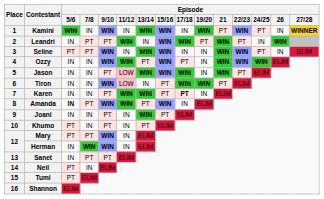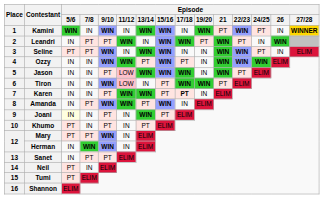 <table class="wikitable" style="text-align: center; font-size: 8pt">
 <tr>
 <th rowspan="2">Place</th>
 <th rowspan="2">Contestant</th>
 <th colspan="13">Episode</th>
 </tr>
 <tr>
 <th>5/6</th>
 <th>7/8</th>
 <th>9/10</th>
 <th>11/12</th>
 <th>13/14</th>
 <th>15/16</th>
 <th>17/18</th>
 <th>19/20</th>
 <th>21</th>
 <th>22/23</th>
 <th>24/25</th>
 <th>26</th>
 <th>27/28</th>
 </tr>
 <tr>
 <th>1</th>
 <th>Kamini</th>
 <td bgcolor="limegreen"><strong>WIN</strong></td>
 <td>IN</td>
 <td bgcolor="#959FFD"><strong>WIN</strong></td>
 <td>IN</td>
 <td bgcolor="limegreen"><strong>WIN</strong></td>
 <td bgcolor="#959FFD"><strong>WIN</strong></td>
 <td>IN</td>
 <td bgcolor="limegreen"><strong>WIN</strong></td>
 <td bgcolor="mistyrose">PT</td>
 <td bgcolor="#959FFD"><strong>WIN</strong></td>
 <td bgcolor="mistyrose">PT</td>
 <td>IN</td>
 <td bgcolor="gold"><strong>WINNER</strong></td>
 </tr>
 <tr>
 <th>2</th>
 <th>Leandri</th>
 <td>IN</td>
 <td bgcolor="mistyrose">PT</td>
 <td bgcolor="mistyrose">PT</td>
 <td bgcolor="limegreen"><strong>WIN</strong></td>
 <td>IN</td>
 <td bgcolor="#959FFD"><strong>WIN</strong></td>
 <td bgcolor="limegreen"><strong>WIN</strong></td>
 <td bgcolor="mistyrose">PT</td>
 <td bgcolor="limegreen"><strong>WIN</strong></td>
 <td bgcolor="mistyrose">PT</td>
 <td>IN</td>
 <td bgcolor="limegreen"><strong>WIN</strong></td>
 <td bgcolor="silver"><strong></strong></td>
 </tr>
 <tr>
 <th>3</th>
 <th>Seline</th>
 <td bgcolor="mistyrose">PT</td>
 <td bgcolor="mistyrose">PT</td>
 <td bgcolor="#959FFD"><strong>WIN</strong></td>
 <td>IN</td>
 <td bgcolor="limegreen"><strong>WIN</strong></td>
 <td bgcolor="#959FFD"><strong>WIN</strong></td>
 <td>IN</td>
 <td>IN</td>
 <td bgcolor="limegreen"><strong>WIN</strong></td>
 <td bgcolor="#959FFD"><strong>WIN</strong></td>
 <td bgcolor="mistyrose">PT</td>
 <td>IN</td>
 <td bgcolor="crimson">ELIM</td>
 </tr>
 <tr>
 <th>4</th>
 <th>Ozzy</th>
 <td>IN</td>
 <td>IN</td>
 <td bgcolor="#959FFD"><strong>WIN</strong></td>
 <td bgcolor="limegreen"><strong>WIN</strong></td>
 <td bgcolor="mistyrose">PT</td>
 <td bgcolor="#959FFD"><strong>WIN</strong></td>
 <td bgcolor="mistyrose">PT</td>
 <td>IN</td>
 <td bgcolor="limegreen"><strong>WIN</strong></td>
 <td bgcolor="#959FFD"><strong>WIN</strong></td>
 <td bgcolor="limegreen"><strong>WIN</strong></td>
 <td bgcolor="crimson">ELIM</td>
 </tr>
 <tr>
 <th>5</th>
 <th>Jason</th>
 <td>IN</td>
 <td>IN</td>
 <td bgcolor="mistyrose">PT</td>
 <td bgcolor="pink">LOW</td>
 <td bgcolor="limegreen"><strong>WIN</strong></td>
 <td bgcolor="#959FFD"><strong>WIN</strong></td>
 <td bgcolor="limegreen"><strong>WIN</strong></td>
 <td>IN</td>
 <td bgcolor="limegreen"><strong>WIN</strong></td>
 <td bgcolor="mistyrose">PT</td>
 <td bgcolor="crimson">ELIM</td>
 </tr>
 <tr>
 <th>6</th>
 <th>Tiron</th>
 <td>IN</td>
 <td>IN</td>
 <td bgcolor="#959FFD"><strong>WIN</strong></td>
 <td bgcolor="pink">LOW</td>
 <td>IN</td>
 <td bgcolor="mistyrose">PT</td>
 <td bgcolor="limegreen"><strong>WIN</strong></td>
 <td bgcolor="limegreen"><strong>WIN</strong></td>
 <td bgcolor="mistyrose">PT</td>
 <td bgcolor="crimson">ELIM</td>
 </tr>
 <tr>
 <th>7</th>
 <th>Karen</th>
 <td>IN</td>
 <td>IN</td>
 <td bgcolor="mistyrose">PT</td>
 <td bgcolor="limegreen"><strong>WIN</strong></td>
 <td bgcolor="limegreen"><strong>WIN</strong></td>
 <td bgcolor="mistyrose">PT</td>
 <td bgcolor="mistyrose"><strong>PT</strong></td>
 <td>IN</td>
 <td bgcolor="crimson">ELIM</td>
 </tr>
 <tr>
 <th>8</th>
 <th>Amanda</th>
-<td><strong>IN</strong></td>
+<td>IN</td>
 <td bgcolor="mistyrose">PT</td>
 <td bgcolor="#959FFD"><strong>WIN</strong></td>
 <td bgcolor="limegreen"><strong>WIN</strong></td>
 <td bgcolor="mistyrose">PT</td>
 <td bgcolor="#959FFD"><strong>WIN</strong></td>
 <td>IN</td>
 <td bgcolor="crimson">ELIM</td>
 </tr>
 <tr>
 <th>9</th>
 <th>Joani</th>
-<td>IN</td>
+<td style="background: lightyellow;">IN</td>
 <td>IN</td>
 <td bgcolor="mistyrose">PT</td>
 <td>IN</td>
 <td bgcolor="limegreen"><strong>WIN</strong></td>
 <td bgcolor="mistyrose">PT</td>
 <td bgcolor="crimson">ELIM</td>
 </tr>
 <tr>
 <th>10</th>
 <th>Khumo</th>
 <td bgcolor="mistyrose">PT</td>
 <td>IN</td>
 <td bgcolor="mistyrose">PT</td>
 <td>IN</td>
 <td bgcolor="mistyrose">PT</td>
 <td bgcolor="crimson">ELIM</td>
 </tr>
 <tr>
 <th rowspan="2">12</th>
 <th>Mary</th>
 <td bgcolor="mistyrose">PT</td>
 <td bgcolor="mistyrose">PT</td>
 <td bgcolor="#959FFD"><strong>WIN</strong></td>
 <td>IN</td>
 <td bgcolor="crimson">ELIM</td>
 </tr>
 <tr>
 <th>Herman</th>
 <td>IN</td>
 <td bgcolor="limegreen"><strong>WIN</strong></td>
 <td bgcolor="#959FFD"><strong>WIN</strong></td>
 <td>IN</td>
 <td bgcolor="crimson">ELIM</td>
 </tr>
 <tr>
 <th>13</th>
 <th>Sanet</th>
 <td>IN</td>
 <td bgcolor="mistyrose">PT</td>
 <td bgcolor="mistyrose">PT</td>
 <td bgcolor="crimson">ELIM</td>
 </tr>
 <tr>
 <th>14</th>
 <th>Neil</th>
 <td bgcolor="mistyrose">PT</td>
 <td>IN</td>
 <td bgcolor="crimson">ELIM</td>
 </tr>
 <tr>
 <th>15</th>
 <th>Tumi</th>
 <td bgcolor="mistyrose">PT</td>
 <td bgcolor="crimson">ELIM</td>
 </tr>
 <tr>
 <th>16</th>
 <th>Shannon</th>
 <td bgcolor="crimson">ELIM</td>
 </tr>
 </table>
